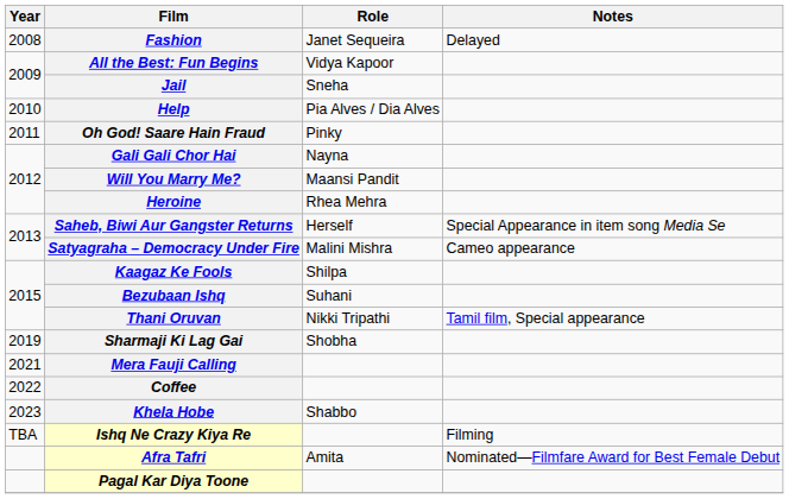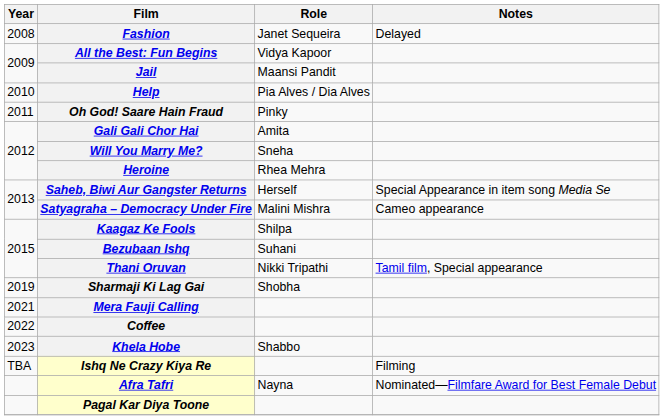 <table class="wikitable sortable plainrowheaders">
 <tr style="text-align:center;">
 <th scope="col">Year</th>
 <th scope="col">Film</th>
 <th scope="col">Role</th>
 <th class="unsortable" scope="col">Notes</th>
 </tr>
 <tr>
 <td>2008</td>
 <th scope="row"><em><a href='#'>Fashion</a></em></th>
 <td>Janet Sequeira</td>
 <td>Delayed</td>
 </tr>
 <tr>
 <td rowspan="2">2009</td>
 <th scope="row"><em><a href='#'>All the Best: Fun Begins</a></em></th>
 <td>Vidya Kapoor</td>
 <td></td>
 </tr>
 <tr>
 <th scope="row"><em><a href='#'>Jail</a></em></th>
-<td>Sneha</td>
+<td>Maansi Pandit</td>
 <td></td>
 </tr>
 <tr>
 <td>2010</td>
 <th scope="row"><em><a href='#'>Help</a></em></th>
 <td>Pia Alves / Dia Alves</td>
 <td></td>
 </tr>
 <tr>
 <td>2011</td>
 <th scope="row"><em>Oh God! Saare Hain Fraud</em></th>
 <td>Pinky</td>
 <td></td>
 </tr>
 <tr>
 <td rowspan="3">2012</td>
 <th scope="row"><em><a href='#'>Gali Gali Chor Hai</a></em></th>
-<td>Nayna</td>
+<td>Amita</td>
 <td></td>
 </tr>
 <tr>
 <th scope="row"><em><a href='#'>Will You Marry Me?</a></em></th>
-<td>Maansi Pandit</td>
+<td>Sneha</td>
 <td></td>
 </tr>
 <tr>
 <th scope="row"><em><a href='#'>Heroine</a></em></th>
 <td>Rhea Mehra</td>
 <td></td>
 </tr>
 <tr>
 <td rowspan="2">2013</td>
 <th scope="row"><em><a href='#'>Saheb, Biwi Aur Gangster Returns</a></em></th>
 <td>Herself</td>
 <td>Special Appearance in item song <em>Media Se</em></td>
 </tr>
 <tr>
 <th scope="row"><em><a href='#'>Satyagraha – Democracy Under Fire</a></em></th>
 <td>Malini Mishra</td>
 <td>Cameo appearance</td>
 </tr>
 <tr>
 <td rowspan="3">2015</td>
 <th scope="row"><em><a href='#'>Kaagaz Ke Fools</a></em></th>
 <td>Shilpa</td>
 <td></td>
 </tr>
 <tr>
 <th scope="row"><em><a href='#'>Bezubaan Ishq</a></em></th>
 <td>Suhani</td>
 <td></td>
 </tr>
 <tr>
 <th scope="row"><em><a href='#'>Thani Oruvan</a></em></th>
 <td>Nikki Tripathi</td>
 <td><a href='#'>Tamil film</a>, Special appearance</td>
 </tr>
 <tr>
 <td>2019</td>
 <th scope="row"><em>Sharmaji Ki Lag Gai</em></th>
 <td>Shobha</td>
 <td></td>
 </tr>
 <tr>
 <td>2021</td>
 <th scope="row"><em><a href='#'>Mera Fauji Calling</a></em></th>
 <td></td>
 <td></td>
 </tr>
 <tr>
 <td>2022</td>
 <th scope="row"><em>Coffee</em></th>
 <td></td>
 <td></td>
 </tr>
 <tr>
 <td>2023</td>
 <th scope="row"><em><a href='#'>Khela Hobe</a></em></th>
 <td>Shabbo</td>
 <td></td>
 </tr>
 <tr>
 <td>TBA</td>
 <th scope="row" style="background:#FFFFCC;"><em>Ishq Ne Crazy Kiya Re</em></th>
 <td></td>
 <td>Filming</td>
 </tr>
 <tr>
 <td></td>
 <th scope="row" style="background:#FFFFCC;"><em><a href='#'>Afra Tafri</a></em></th>
-<td>Amita</td>
+<td>Nayna</td>
 <td>Nominated—<a href='#'>Filmfare Award for Best Female Debut</a></td>
 </tr>
 <tr>
 <td></td>
 <th scope="row" style="background:#FFFFCC;"><em>Pagal Kar Diya Toone</em></th>
 <td></td>
 <td></td>
 </tr>
 <tr>
 </tr>
 </table>
